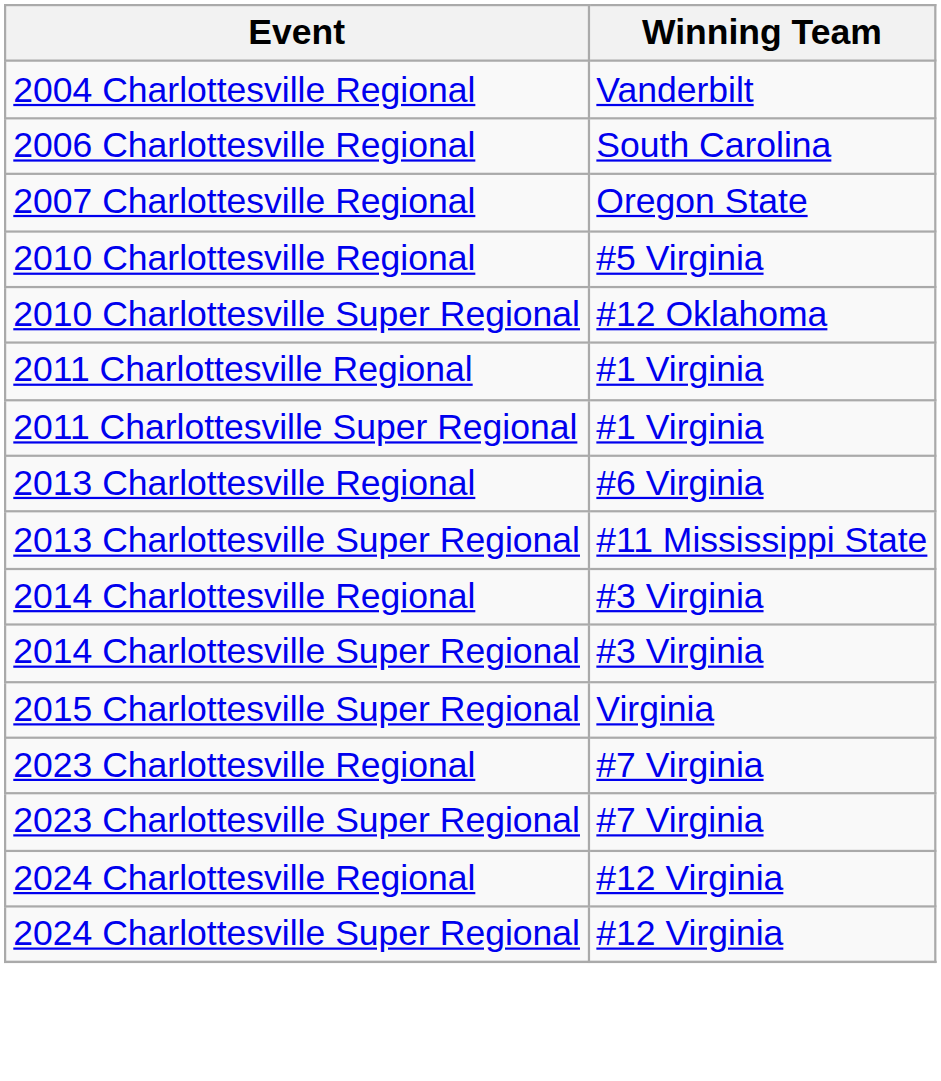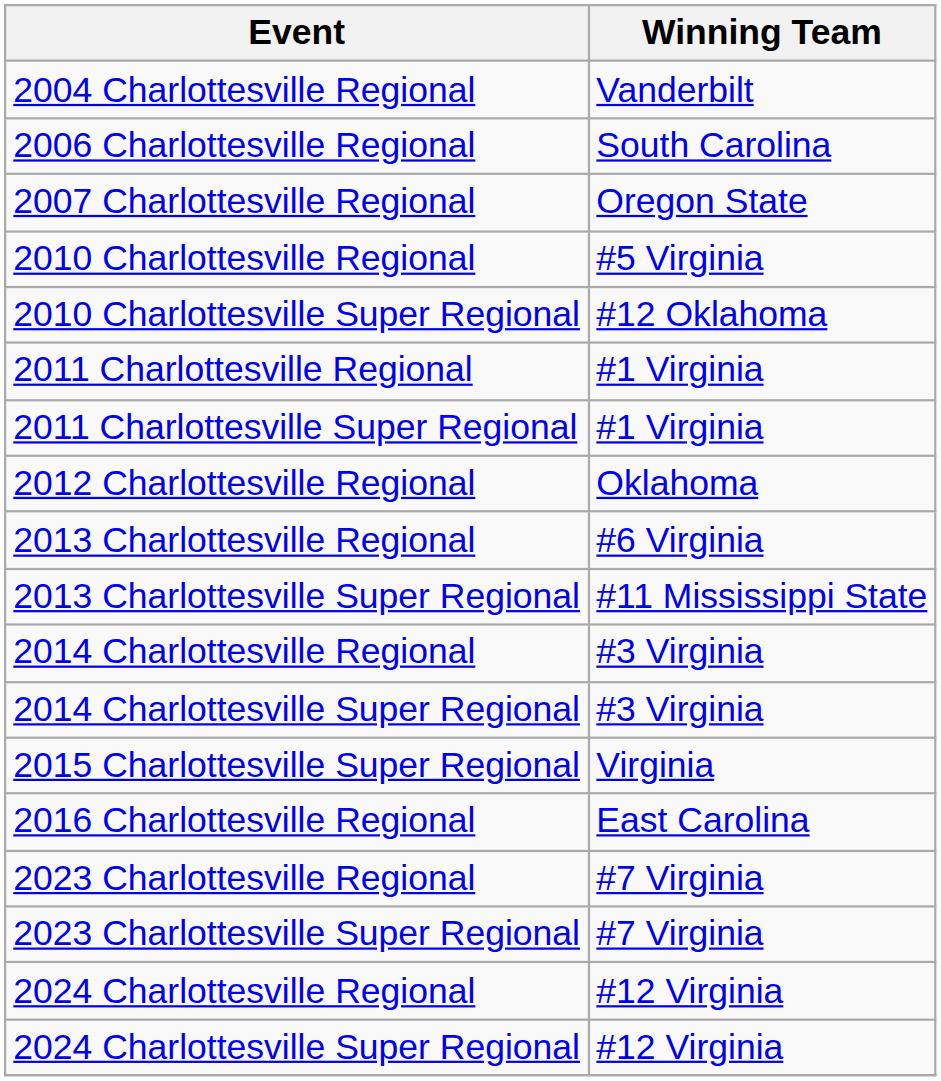 <table class="wikitable">
 <tr>
 <th>Event</th>
 <th>Winning Team</th>
 </tr>
 <tr>
 <td><a href='#'>2004 Charlottesville Regional</a></td>
 <td><a href='#'>Vanderbilt</a></td>
 </tr>
 <tr>
 <td><a href='#'>2006 Charlottesville Regional</a></td>
 <td><a href='#'>South Carolina</a></td>
 </tr>
 <tr>
 <td><a href='#'>2007 Charlottesville Regional</a></td>
 <td><a href='#'>Oregon State</a></td>
 </tr>
 <tr>
 <td><a href='#'>2010 Charlottesville Regional</a></td>
 <td><a href='#'>#5 Virginia</a></td>
 </tr>
 <tr>
 <td><a href='#'>2010 Charlottesville Super Regional</a></td>
 <td><a href='#'>#12 Oklahoma</a></td>
 </tr>
 <tr>
 <td><a href='#'>2011 Charlottesville Regional</a></td>
 <td><a href='#'>#1 Virginia</a></td>
 </tr>
 <tr>
 <td><a href='#'>2011 Charlottesville Super Regional</a></td>
 <td><a href='#'>#1 Virginia</a></td>
 </tr>
 <tr>
+<td><a href='#'>2012 Charlottesville Regional</a></td>
+<td><a href='#'>Oklahoma</a></td>
+</tr>
+<tr>
 <td><a href='#'>2013 Charlottesville Regional</a></td>
 <td><a href='#'>#6 Virginia</a></td>
 </tr>
 <tr>
 <td><a href='#'>2013 Charlottesville Super Regional</a></td>
 <td><a href='#'>#11 Mississippi State</a></td>
 </tr>
 <tr>
 <td><a href='#'>2014 Charlottesville Regional</a></td>
 <td><a href='#'>#3 Virginia</a></td>
 </tr>
 <tr>
 <td><a href='#'>2014 Charlottesville Super Regional</a></td>
 <td><a href='#'>#3 Virginia</a></td>
 </tr>
 <tr>
 <td><a href='#'>2015 Charlottesville Super Regional</a></td>
 <td><a href='#'>Virginia</a></td>
 </tr>
 <tr>
+<td><a href='#'>2016 Charlottesville Regional</a></td>
+<td><a href='#'>East Carolina</a></td>
+</tr>
+<tr>
 <td><a href='#'>2023 Charlottesville Regional</a></td>
 <td><a href='#'>#7 Virginia</a></td>
 </tr>
 <tr>
 <td><a href='#'>2023 Charlottesville Super Regional</a></td>
 <td><a href='#'>#7 Virginia</a></td>
 </tr>
 <tr>
 <td><a href='#'>2024 Charlottesville Regional</a></td>
 <td><a href='#'>#12 Virginia</a></td>
 </tr>
 <tr>
 <td><a href='#'>2024 Charlottesville Super Regional</a></td>
 <td><a href='#'>#12 Virginia</a></td>
 </tr>
 <tr>
 </tr>
 </table>
